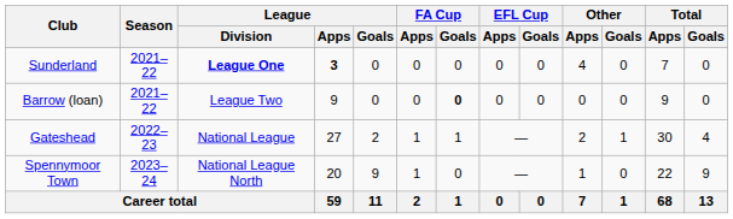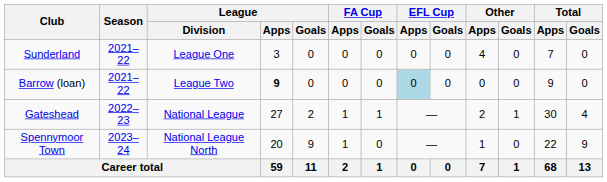 <table class="wikitable" style="text-align: center">
 <tr>
 <th rowspan="2">Club</th>
 <th rowspan="2">Season</th>
 <th colspan="3">League</th>
 <th colspan="2"><a href='#'>FA Cup</a></th>
 <th colspan="2"><a href='#'>EFL Cup</a></th>
 <th colspan="2">Other</th>
 <th colspan="2">Total</th>
 </tr>
 <tr>
 <th>Division</th>
 <th>Apps</th>
 <th>Goals</th>
 <th>Apps</th>
 <th>Goals</th>
 <th>Apps</th>
 <th>Goals</th>
 <th>Apps</th>
 <th>Goals</th>
 <th>Apps</th>
 <th>Goals</th>
 </tr>
 <tr>
 <td><a href='#'>Sunderland</a></td>
 <td><a href='#'>2021–22</a></td>
-<td><strong><a href='#'>League One</a></strong></td>
-<td><strong>3</strong></td>
+<td><a href='#'>League One</a></td>
+<td>3</td>
 <td>0</td>
 <td>0</td>
 <td>0</td>
 <td>0</td>
 <td>0</td>
 <td>4</td>
 <td>0</td>
 <td>7</td>
 <td>0</td>
 </tr>
 <tr>
 <td><a href='#'>Barrow</a> (loan)</td>
 <td><a href='#'>2021–22</a></td>
 <td><a href='#'>League Two</a></td>
-<td>9</td>
+<td><strong>9</strong></td>
 <td>0</td>
 <td>0</td>
-<td><strong>0</strong></td>
 <td>0</td>
+<td style="background: lightblue;">0</td>
 <td>0</td>
 <td>0</td>
 <td>0</td>
 <td>9</td>
 <td>0</td>
 </tr>
 <tr>
 <td><a href='#'>Gateshead</a></td>
 <td><a href='#'>2022–23</a></td>
 <td><a href='#'>National League</a></td>
 <td>27</td>
 <td>2</td>
 <td>1</td>
 <td>1</td>
 <td colspan="2">—</td>
 <td>2</td>
 <td>1</td>
 <td>30</td>
 <td>4</td>
 </tr>
 <tr>
 <td><a href='#'>Spennymoor Town</a></td>
 <td><a href='#'>2023–24</a></td>
 <td><a href='#'>National League North</a></td>
 <td>20</td>
 <td>9</td>
 <td>1</td>
 <td>0</td>
 <td colspan="2">—</td>
 <td>1</td>
 <td>0</td>
 <td>22</td>
 <td>9</td>
 </tr>
 <tr>
 <th colspan="3">Career total</th>
 <th>59</th>
 <th>11</th>
 <th>2</th>
 <th>1</th>
 <th>0</th>
 <th>0</th>
 <th>7</th>
 <th>1</th>
 <th>68</th>
 <th>13</th>
 </tr>
 </table>
